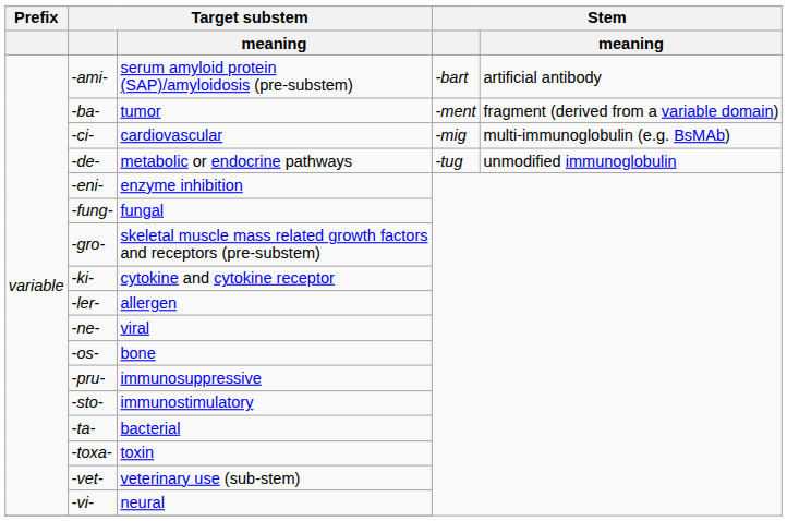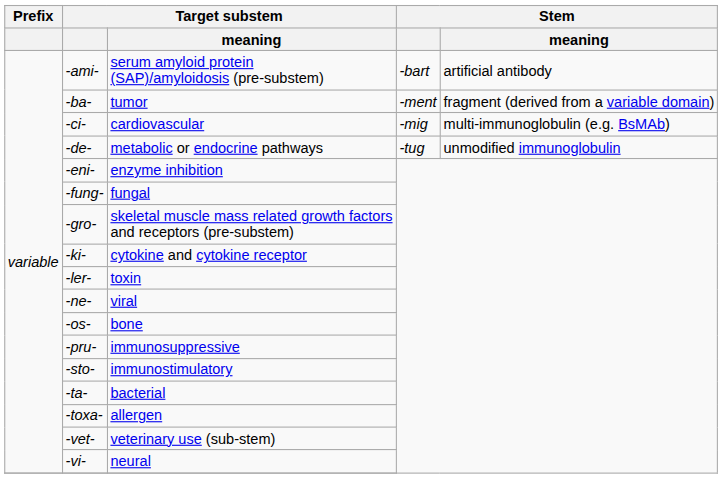 <table class = "wikitable" style = "float:right; font-size:85%; margin-left:15px">
 <tr>
 <th>Prefix</th>
 <th colspan = "2">Target substem</th>
 <th colspan="2">Stem</th>
 </tr>
 <tr>
 <th></th>
 <th></th>
 <th>meaning</th>
 <th></th>
 <th>meaning</th>
 </tr>
 <tr>
 <td rowspan="17"><em>variable</em></td>
 <td><em>-ami-</em></td>
 <td><a href='#'>serum amyloid protein<br>(SAP)/amyloidosis</a> (pre-substem)</td>
 <td><em>-bart</em></td>
 <td>artificial antibody</td>
 </tr>
 <tr>
 <td><em>-ba-</em></td>
 <td><a href='#'>tumor</a></td>
 <td><em>-ment</em></td>
 <td>fragment (derived from a <a href='#'>variable domain</a>)</td>
 </tr>
 <tr>
 <td><em>-ci-</em></td>
 <td><a href='#'>cardiovascular</a></td>
 <td><em>-mig</em></td>
 <td>multi-immunoglobulin (e.g. <a href='#'>BsMAb</a>)</td>
 </tr>
 <tr>
 <td><em>-de-</em></td>
 <td><a href='#'>metabolic</a> or <a href='#'>endocrine</a> pathways</td>
 <td><em>-tug</em></td>
 <td>unmodified <a href='#'>immunoglobulin</a></td>
 </tr>
 <tr>
 <td><em>-eni-</em></td>
 <td><a href='#'>enzyme inhibition</a></td>
 </tr>
 <tr>
 <td><em>-fung-</em></td>
 <td><a href='#'>fungal</a></td>
 </tr>
 <tr>
 <td><em>-gro-</em></td>
 <td><a href='#'>skeletal muscle mass related growth factors</a><br>and receptors (pre-substem)</td>
 </tr>
 <tr>
 <td><em>-ki-</em></td>
 <td><a href='#'>cytokine</a> and <a href='#'>cytokine receptor</a></td>
 </tr>
 <tr>
 <td><em>-ler-</em></td>
-<td><a href='#'>allergen</a></td>
+<td><a href='#'>toxin</a></td>
 </tr>
 <tr>
 <td><em>-ne-</em></td>
 <td><a href='#'>viral</a></td>
 </tr>
 <tr>
 <td><em>-os-</em></td>
 <td><a href='#'>bone</a></td>
 </tr>
 <tr>
 <td><em>-pru-</em></td>
 <td><a href='#'>immunosuppressive</a></td>
 </tr>
 <tr>
 <td><em>-sto-</em></td>
 <td><a href='#'>immunostimulatory</a></td>
 </tr>
 <tr>
 <td><em>-ta-</em></td>
 <td><a href='#'>bacterial</a></td>
 </tr>
 <tr>
 <td><em>-toxa-</em></td>
-<td><a href='#'>toxin</a></td>
+<td><a href='#'>allergen</a></td>
 </tr>
 <tr>
 <td><em>-vet-</em></td>
 <td><a href='#'>veterinary use</a> (sub-stem)</td>
 </tr>
 <tr>
 <td><em>-vi-</em></td>
 <td><a href='#'>neural</a></td>
 </tr>
 <tr>
 </tr>
 </table>
